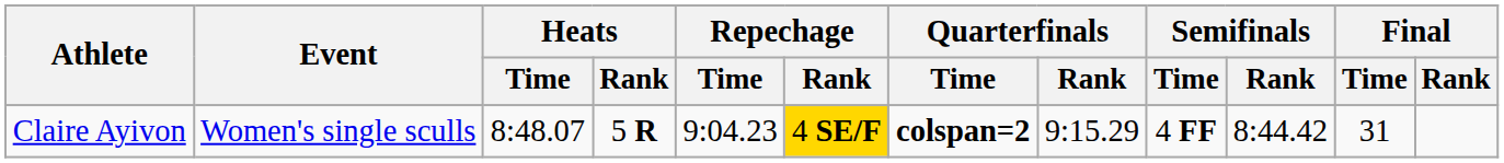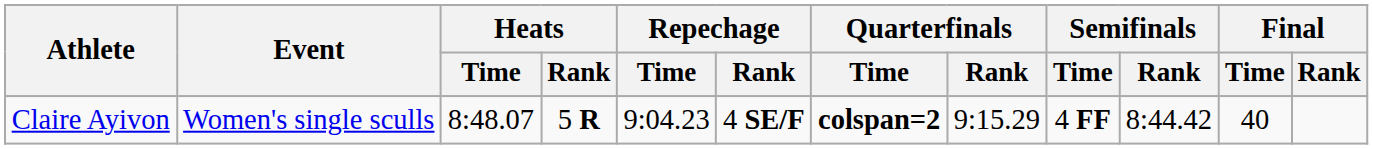 <table class="wikitable" style="font-size:90%">
 <tr>
 <th rowspan="2">Athlete</th>
 <th rowspan="2">Event</th>
 <th colspan="2">Heats</th>
 <th colspan="2">Repechage</th>
 <th colspan="2">Quarterfinals</th>
 <th colspan="2">Semifinals</th>
 <th colspan="2">Final</th>
 </tr>
 <tr style="font-size:95%">
 <th>Time</th>
 <th>Rank</th>
 <th>Time</th>
 <th>Rank</th>
 <th>Time</th>
 <th>Rank</th>
 <th>Time</th>
 <th>Rank</th>
 <th>Time</th>
 <th>Rank</th>
 </tr>
 <tr align=center>
 <td align=left><a href='#'>Claire Ayivon</a></td>
 <td align=left><a href='#'>Women's single sculls</a></td>
 <td>8:48.07</td>
 <td>5 <strong>R</strong></td>
 <td>9:04.23</td>
-<td style="background: gold;">4 <strong>SE/F</strong></td>
+<td>4 <strong>SE/F</strong></td>
 <td><strong>colspan=2 </strong></td>
 <td>9:15.29</td>
 <td>4 <strong>FF</strong></td>
 <td>8:44.42</td>
-<td>31</td>
+<td>40</td>
 </tr>
 </table>
